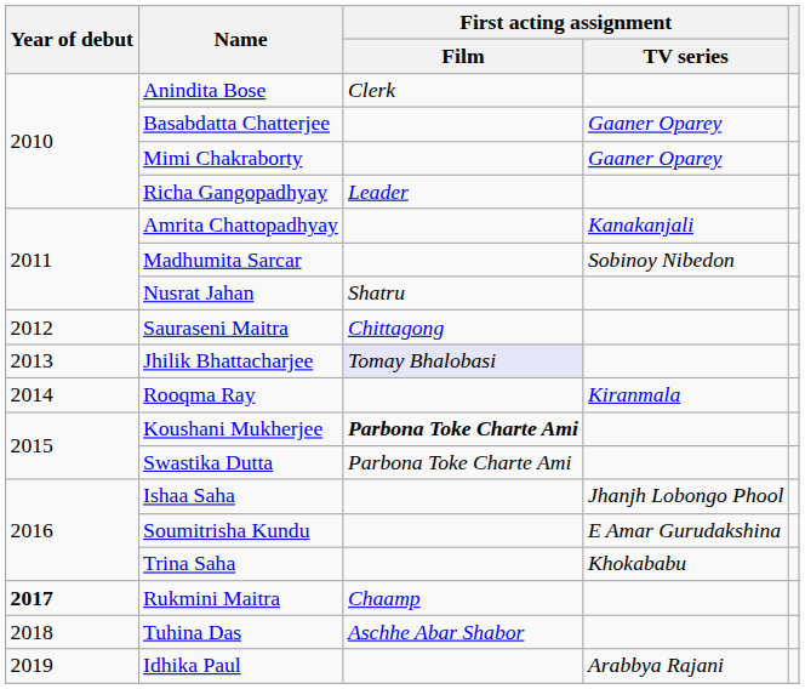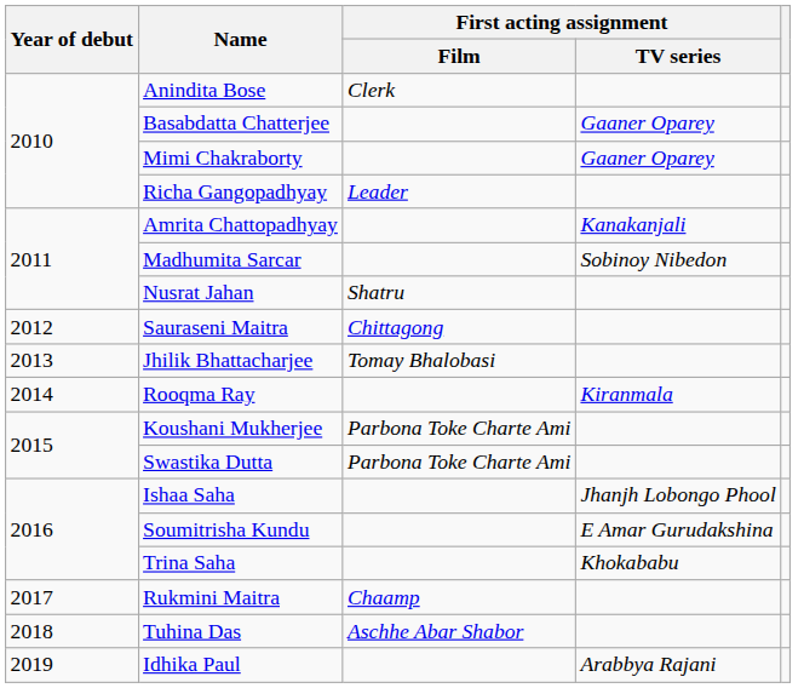 <table class="wikitable">
 <tr>
 <th rowspan="2">Year of debut</th>
 <th rowspan="2">Name</th>
 <th colspan="2">First acting assignment</th>
 <th rowspan="2"></th>
 </tr>
 <tr>
 <th>Film</th>
 <th>TV series</th>
 </tr>
 <tr>
 <td rowspan="4">2010</td>
 <td><a href='#'>Anindita Bose</a></td>
 <td><em>Clerk</em></td>
 <td></td>
 <td></td>
 </tr>
 <tr>
 <td><a href='#'>Basabdatta Chatterjee</a></td>
 <td></td>
 <td><em><a href='#'>Gaaner Oparey</a></em></td>
 <td></td>
 </tr>
 <tr>
 <td><a href='#'>Mimi Chakraborty</a></td>
 <td></td>
 <td><em><a href='#'>Gaaner Oparey</a></em></td>
 <td></td>
 </tr>
 <tr>
 <td><a href='#'>Richa Gangopadhyay</a></td>
 <td><em><a href='#'>Leader</a></em></td>
 <td></td>
 <td></td>
 </tr>
 <tr>
 <td rowspan="3">2011</td>
 <td><a href='#'>Amrita Chattopadhyay</a></td>
 <td></td>
 <td><em><a href='#'>Kanakanjali</a></em></td>
 <td></td>
 </tr>
 <tr>
 <td><a href='#'>Madhumita Sarcar</a></td>
 <td></td>
 <td><em>Sobinoy Nibedon</em></td>
 <td></td>
 </tr>
 <tr>
 <td><a href='#'>Nusrat Jahan</a></td>
 <td><em>Shatru</em></td>
 <td></td>
 <td></td>
 </tr>
 <tr>
 <td>2012</td>
 <td><a href='#'>Sauraseni Maitra</a></td>
 <td><a href='#'><em>Chittagong</em></a></td>
 <td></td>
 <td></td>
 </tr>
 <tr>
 <td>2013</td>
 <td><a href='#'>Jhilik Bhattacharjee</a></td>
-<td style="background: lavender;"><em>Tomay Bhalobasi</em></td>
+<td><em>Tomay Bhalobasi</em></td>
 <td></td>
 <td></td>
 </tr>
 <tr>
 <td>2014</td>
 <td><a href='#'>Rooqma Ray</a></td>
 <td></td>
 <td><em><a href='#'>Kiranmala</a></em></td>
 <td></td>
 </tr>
 <tr>
 <td rowspan="2">2015</td>
 <td><a href='#'>Koushani Mukherjee</a></td>
-<td><strong><em>Parbona Toke Charte Ami</em></strong></td>
+<td><em>Parbona Toke Charte Ami</em></td>
 <td></td>
 <td></td>
 </tr>
 <tr>
 <td><a href='#'>Swastika Dutta</a></td>
 <td><em>Parbona Toke Charte Ami</em></td>
 <td></td>
 <td></td>
 </tr>
 <tr>
 <td rowspan="3">2016</td>
 <td><a href='#'>Ishaa Saha</a></td>
 <td></td>
 <td><em>Jhanjh Lobongo Phool</em></td>
 <td></td>
 </tr>
 <tr>
 <td><a href='#'>Soumitrisha Kundu</a></td>
 <td></td>
 <td><em>E Amar Gurudakshina</em></td>
 <td></td>
 </tr>
 <tr>
 <td><a href='#'>Trina Saha</a></td>
 <td></td>
 <td><em>Khokababu</em></td>
 <td></td>
 </tr>
 <tr>
-<td><strong>2017</strong></td>
+<td>2017</td>
 <td><a href='#'>Rukmini Maitra</a></td>
 <td><em><a href='#'>Chaamp</a></em></td>
 <td></td>
 <td></td>
 </tr>
 <tr>
 <td>2018</td>
 <td><a href='#'>Tuhina Das</a></td>
 <td><em><a href='#'>Aschhe Abar Shabor</a></em></td>
 <td></td>
 <td></td>
 </tr>
 <tr>
 <td>2019</td>
 <td><a href='#'>Idhika Paul</a></td>
 <td></td>
 <td><em>Arabbya Rajani</em></td>
 <td></td>
 </tr>
 </table>
